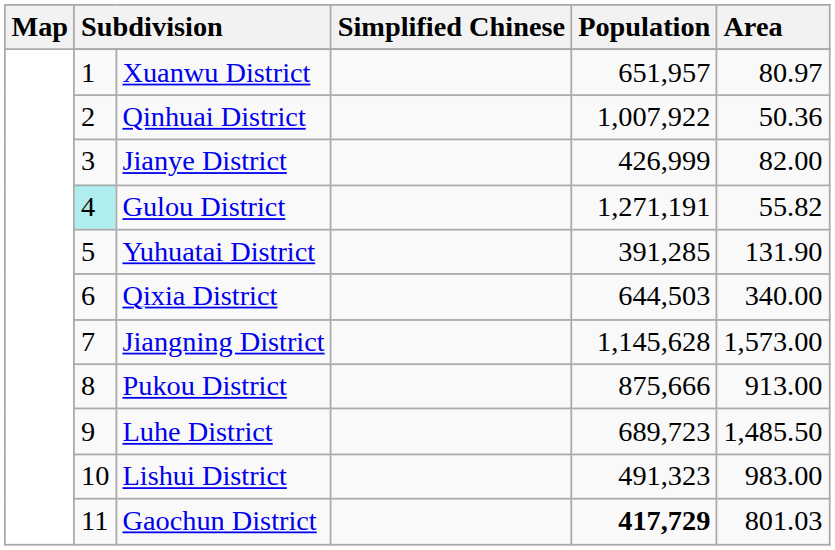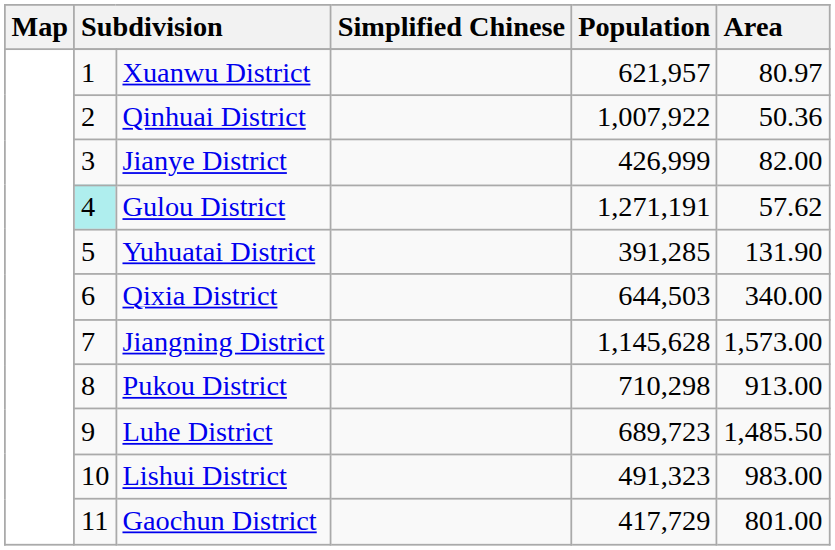 <table class="wikitable">
 <tr>
 <th style="text-align:left;">Map</th>
 <th style="text-align:left;" colspan="2">Subdivision</th>
 <th style="text-align:left;">Simplified Chinese</th>
 <th style="text-align:left;">Population </th>
 <th style="text-align:left;">Area </th>
 </tr>
 <tr>
 <th rowspan="13" style="background:#fff;"><div><br>           </div></th>
 </tr>
 <tr>
 <td align=left>1</td>
 <td><a href='#'>Xuanwu District</a></td>
 <td align=left></td>
-<td align=right>651,957</td>
+<td align=right>621,957</td>
 <td align=right>80.97</td>
 </tr>
 <tr>
 <td align=left>2</td>
 <td><a href='#'>Qinhuai District</a></td>
 <td align=left></td>
 <td align=right>1,007,922</td>
 <td align=right>50.36</td>
 </tr>
 <tr>
 <td align=left>3</td>
 <td><a href='#'>Jianye District</a></td>
 <td align=left></td>
 <td align=right>426,999</td>
 <td align=right>82.00</td>
 </tr>
 <tr>
 <td align=left style="background: paleturquoise;">4</td>
 <td><a href='#'>Gulou District</a></td>
 <td align=left></td>
 <td align=right>1,271,191</td>
-<td align=right>55.82</td>
+<td align=right>57.62</td>
 </tr>
 <tr>
 <td align=left>5</td>
 <td><a href='#'>Yuhuatai District</a></td>
 <td align=left></td>
 <td align=right>391,285</td>
 <td align=right>131.90</td>
 </tr>
 <tr>
 <td align=left>6</td>
 <td><a href='#'>Qixia District</a></td>
 <td align=left></td>
 <td align=right>644,503</td>
 <td align=right>340.00</td>
 </tr>
 <tr>
 <td align=left>7</td>
 <td><a href='#'>Jiangning District</a></td>
 <td align=left></td>
 <td align=right>1,145,628</td>
 <td align=right>1,573.00</td>
 </tr>
 <tr>
 <td align=left>8</td>
 <td><a href='#'>Pukou District</a></td>
 <td align=left></td>
-<td align=right>875,666</td>
+<td align=right>710,298</td>
 <td align=right>913.00</td>
 </tr>
 <tr>
 <td align=left>9</td>
 <td><a href='#'>Luhe District</a></td>
 <td align=left></td>
 <td align=right>689,723</td>
 <td align=right>1,485.50</td>
 </tr>
 <tr>
 <td align=left>10</td>
 <td><a href='#'>Lishui District</a></td>
 <td align=left></td>
 <td align=right>491,323</td>
 <td align=right>983.00</td>
 </tr>
 <tr>
 <td align=left>11</td>
 <td><a href='#'>Gaochun District</a></td>
 <td align=left></td>
-<td align=right><strong>417,729</strong></td>
-<td align=right>801.03</td>
+<td align=right>417,729</td>
+<td align=right>801.00</td>
 </tr>
 </table>
